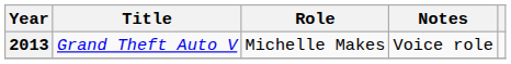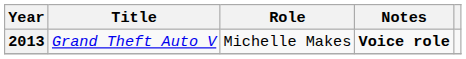 <table class="wikitable plainrowheaders sortable" style="margin-right: 0;">
 <tr>
 <th scope="col">Year</th>
 <th scope="col">Title</th>
 <th scope="col">Role</th>
 <th scope="col" class="unsortable">Notes</th>
 <th scope="col" class="unsortable"></th>
 </tr>
 <tr>
 <th scope="row">2013</th>
 <td><em><a href='#'>Grand Theft Auto V</a></em></td>
 <td>Michelle Makes</td>
-<td>Voice role</td>
+<td><strong>Voice role</strong></td>
 <td style="text-align:center"></td>
 </tr>
 <tr>
 </tr>
 </table>
